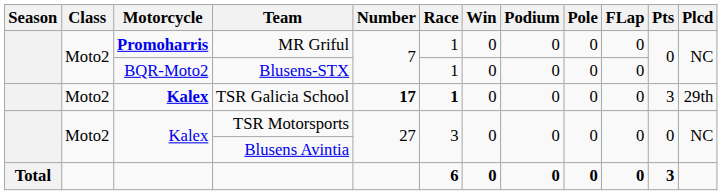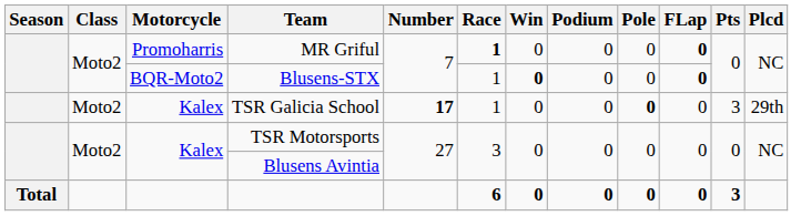 <table class="wikitable" style=text-align:right>
 <tr>
 <th>Season</th>
 <th>Class</th>
 <th>Motorcycle</th>
 <th>Team</th>
 <th>Number</th>
 <th>Race</th>
 <th>Win</th>
 <th>Podium</th>
 <th>Pole</th>
 <th>FLap</th>
 <th>Pts</th>
 <th>Plcd</th>
 </tr>
 <tr>
 <th rowspan=2></th>
 <td rowspan=2>Moto2</td>
-<td><strong><a href='#'>Promoharris</a></strong></td>
+<td><a href='#'>Promoharris</a></td>
 <td>MR Griful</td>
 <td rowspan=2>7</td>
-<td>1</td>
+<td><strong>1</strong></td>
 <td>0</td>
 <td>0</td>
 <td>0</td>
-<td>0</td>
+<td><strong>0</strong></td>
 <td rowspan=2>0</td>
 <td rowspan=2>NC</td>
 </tr>
 <tr>
 <td><a href='#'>BQR-Moto2</a></td>
 <td><a href='#'>Blusens-STX</a></td>
 <td>1</td>
+<td><strong>0</strong></td>
 <td>0</td>
 <td>0</td>
-<td>0</td>
-<td>0</td>
+<td><strong>0</strong></td>
 </tr>
 <tr>
 <th></th>
 <td>Moto2</td>
-<td><strong><a href='#'>Kalex</a></strong></td>
+<td><a href='#'>Kalex</a></td>
 <td>TSR Galicia School</td>
 <td><strong>17</strong></td>
-<td><strong>1</strong></td>
+<td>1</td>
 <td>0</td>
 <td>0</td>
-<td>0</td>
+<td><strong>0</strong></td>
 <td>0</td>
 <td>3</td>
 <td>29th</td>
 </tr>
 <tr>
 <th rowspan=2></th>
 <td rowspan=2>Moto2</td>
 <td rowspan=2><a href='#'>Kalex</a></td>
 <td>TSR Motorsports</td>
 <td rowspan=2>27</td>
 <td rowspan=2>3</td>
 <td rowspan=2>0</td>
 <td rowspan=2>0</td>
 <td rowspan=2>0</td>
 <td rowspan=2>0</td>
 <td rowspan=2>0</td>
 <td rowspan=2>NC</td>
 </tr>
 <tr>
 <td><a href='#'>Blusens Avintia</a></td>
 </tr>
 <tr>
 <th>Total</th>
 <td></td>
 <td></td>
 <td></td>
 <td></td>
 <td><strong>6</strong></td>
 <td><strong>0</strong></td>
 <td><strong>0</strong></td>
 <td><strong>0</strong></td>
 <td><strong>0</strong></td>
 <td><strong>3</strong></td>
 <td></td>
 </tr>
 </table>
